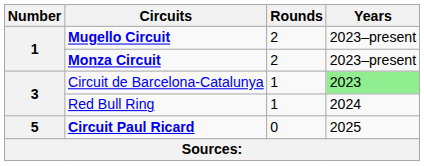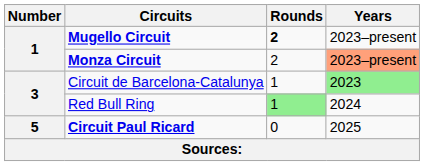 <table class="wikitable" style="text-align=center; font-size:85%">
 <tr>
 <th>Number</th>
 <th>Circuits</th>
 <th>Rounds</th>
 <th>Years</th>
 </tr>
 <tr>
 <th rowspan="2">1</th>
 <td> <strong><a href='#'>Mugello Circuit</a></strong></td>
-<td>2</td>
+<td><strong>2</strong></td>
 <td>2023–present</td>
 </tr>
 <tr>
 <td> <strong><a href='#'>Monza Circuit</a></strong></td>
 <td>2</td>
-<td>2023–present</td>
+<td style="background: lightsalmon;">2023–present</td>
 </tr>
 <tr>
 <th rowspan="2">3</th>
 <td> <a href='#'>Circuit de Barcelona-Catalunya</a></td>
 <td>1</td>
 <td style="background: lightgreen;">2023</td>
 </tr>
 <tr>
 <td> <a href='#'>Red Bull Ring</a></td>
-<td>1</td>
+<td style="background: lightgreen;">1</td>
 <td>2024</td>
 </tr>
 <tr>
 <th>5</th>
 <td> <strong><a href='#'>Circuit Paul Ricard</a></strong></td>
 <td>0</td>
 <td>2025</td>
 </tr>
 <tr>
 <th colspan="4">Sources:</th>
 </tr>
 </table>
